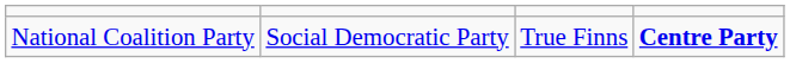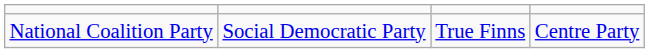 <table class="wikitable">
 <tr>
 <td></td>
 <td></td>
 <td></td>
 <td></td>
 </tr>
 <tr>
 <td><a href='#'>National Coalition Party</a></td>
 <td><a href='#'>Social Democratic Party</a></td>
 <td><a href='#'>True Finns</a></td>
-<td><strong><a href='#'>Centre Party</a></strong></td>
+<td><a href='#'>Centre Party</a></td>
 </tr>
 </table>
